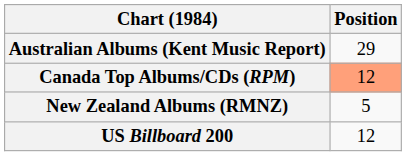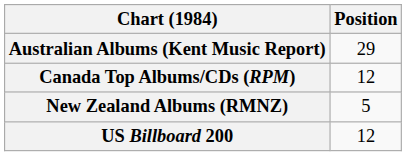 <table class="wikitable sortable plainrowheaders" style="text-align:center">
 <tr>
 <th scope="col">Chart (1984)</th>
 <th scope="col">Position</th>
 </tr>
 <tr>
 <th scope="row">Australian Albums (Kent Music Report)</th>
 <td>29</td>
 </tr>
 <tr>
 <th scope="row">Canada Top Albums/CDs (<em>RPM</em>)</th>
-<td style="background: lightsalmon;">12</td>
+<td>12</td>
 </tr>
 <tr>
 <th scope="row">New Zealand Albums (RMNZ)</th>
 <td>5</td>
 </tr>
 <tr>
 <th scope="row">US <em>Billboard</em> 200</th>
 <td>12</td>
 </tr>
 </table>
